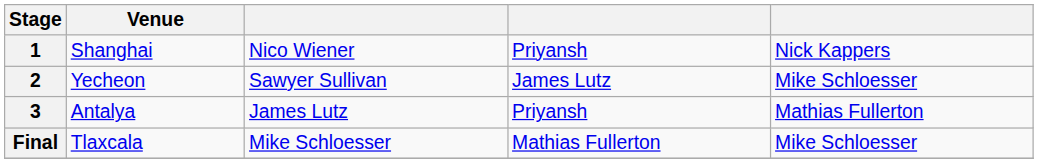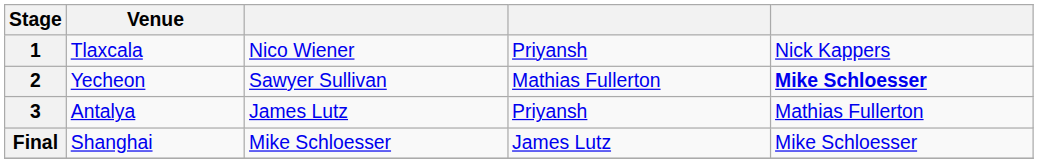 <table class="wikitable">
 <tr>
 <th>Stage</th>
 <th width=140>Venue</th>
 <th width=210></th>
 <th width=210></th>
 <th width=210></th>
 </tr>
 <tr>
 <th>1</th>
-<td> <a href='#'>Shanghai</a></td>
+<td> <a href='#'>Tlaxcala</a></td>
 <td> <a href='#'>Nico Wiener</a></td>
 <td> <a href='#'>Priyansh</a></td>
 <td> <a href='#'>Nick Kappers</a></td>
 </tr>
 <tr>
 <th>2</th>
 <td> <a href='#'>Yecheon</a></td>
 <td> <a href='#'>Sawyer Sullivan</a></td>
-<td> <a href='#'>James Lutz</a></td>
-<td> <a href='#'>Mike Schloesser</a></td>
+<td> <a href='#'>Mathias Fullerton</a></td>
+<td><strong> <a href='#'>Mike Schloesser</a></strong></td>
 </tr>
 <tr>
 <th>3</th>
 <td> <a href='#'>Antalya</a></td>
 <td> <a href='#'>James Lutz</a></td>
 <td> <a href='#'>Priyansh</a></td>
 <td> <a href='#'>Mathias Fullerton</a></td>
 </tr>
 <tr>
 <th>Final</th>
-<td> <a href='#'>Tlaxcala</a></td>
+<td> <a href='#'>Shanghai</a></td>
 <td> <a href='#'>Mike Schloesser</a></td>
-<td> <a href='#'>Mathias Fullerton</a></td>
+<td> <a href='#'>James Lutz</a></td>
 <td> <a href='#'>Mike Schloesser</a></td>
 </tr>
 <tr>
 </tr>
 </table>
